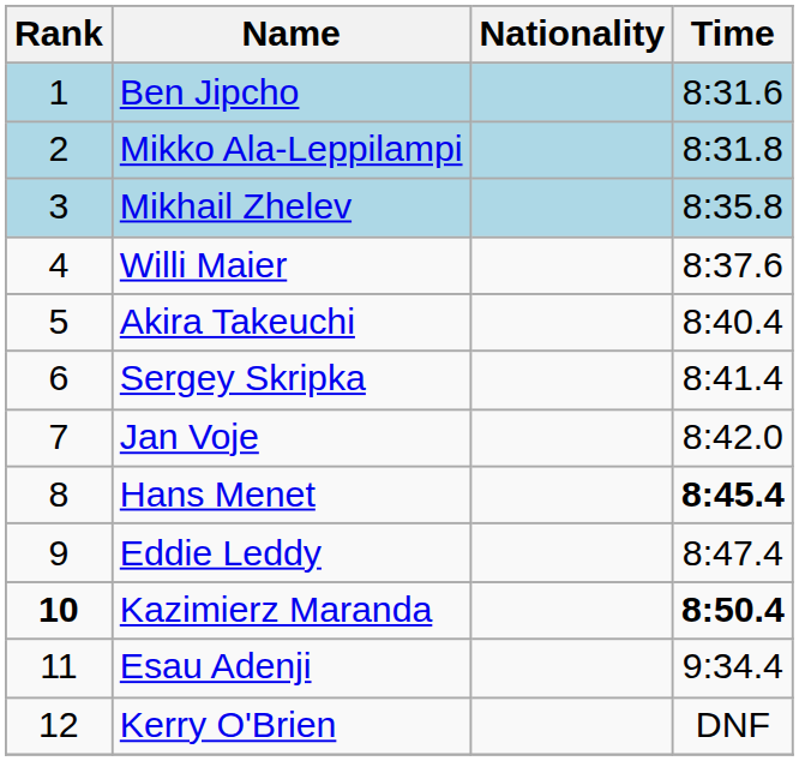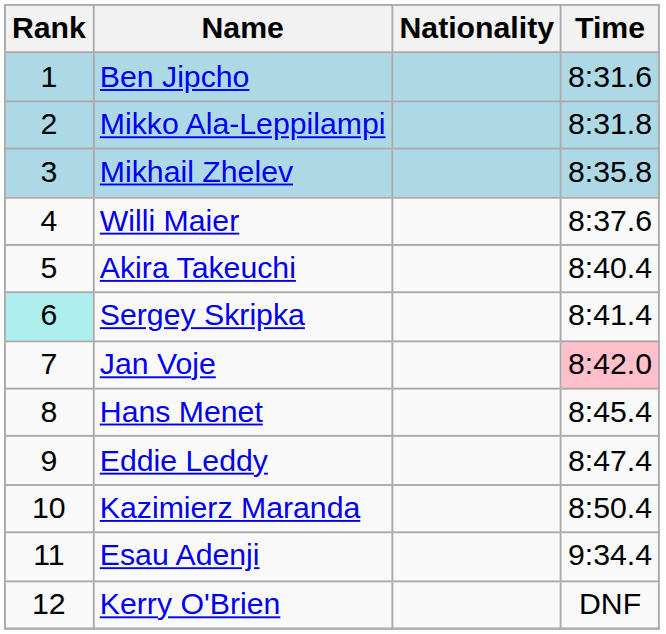 <table class="wikitable sortable" style="text-align:center">
 <tr>
 <th>Rank</th>
 <th>Name</th>
 <th>Nationality</th>
 <th>Time</th>
 </tr>
 <tr bgcolor=lightblue>
 <td>1</td>
 <td align=left><a href='#'>Ben Jipcho</a></td>
 <td align=left></td>
 <td>8:31.6</td>
 </tr>
 <tr bgcolor=lightblue>
 <td>2</td>
 <td align=left><a href='#'>Mikko Ala-Leppilampi</a></td>
 <td align=left></td>
 <td>8:31.8</td>
 </tr>
 <tr bgcolor=lightblue>
 <td>3</td>
 <td align=left><a href='#'>Mikhail Zhelev</a></td>
 <td align=left></td>
 <td>8:35.8</td>
 </tr>
 <tr>
 <td>4</td>
 <td align=left><a href='#'>Willi Maier</a></td>
 <td align=left></td>
 <td>8:37.6</td>
 </tr>
 <tr>
 <td>5</td>
 <td align=left><a href='#'>Akira Takeuchi</a></td>
 <td align=left></td>
 <td>8:40.4</td>
 </tr>
 <tr>
-<td>6</td>
+<td style="background: paleturquoise;">6</td>
 <td align=left><a href='#'>Sergey Skripka</a></td>
 <td align=left></td>
 <td>8:41.4</td>
 </tr>
 <tr>
 <td>7</td>
 <td align=left><a href='#'>Jan Voje</a></td>
 <td align=left></td>
-<td>8:42.0</td>
+<td style="background: pink;">8:42.0</td>
 </tr>
 <tr>
 <td>8</td>
 <td align=left><a href='#'>Hans Menet</a></td>
 <td align=left></td>
-<td><strong>8:45.4</strong></td>
+<td>8:45.4</td>
 </tr>
 <tr>
 <td>9</td>
 <td align=left><a href='#'>Eddie Leddy</a></td>
 <td align=left></td>
 <td>8:47.4</td>
 </tr>
 <tr>
-<td><strong>10</strong></td>
+<td>10</td>
 <td align=left><a href='#'>Kazimierz Maranda</a></td>
 <td align=left></td>
-<td><strong>8:50.4</strong></td>
+<td>8:50.4</td>
 </tr>
 <tr>
 <td>11</td>
 <td align=left><a href='#'>Esau Adenji</a></td>
 <td align=left></td>
 <td>9:34.4</td>
 </tr>
 <tr>
 <td>12</td>
 <td align=left><a href='#'>Kerry O'Brien</a></td>
 <td align=left></td>
 <td>DNF</td>
 </tr>
 <tr>
 </tr>
 </table>
